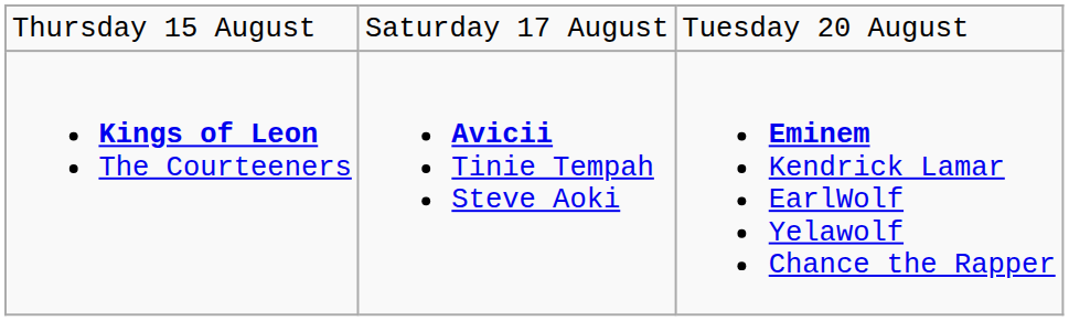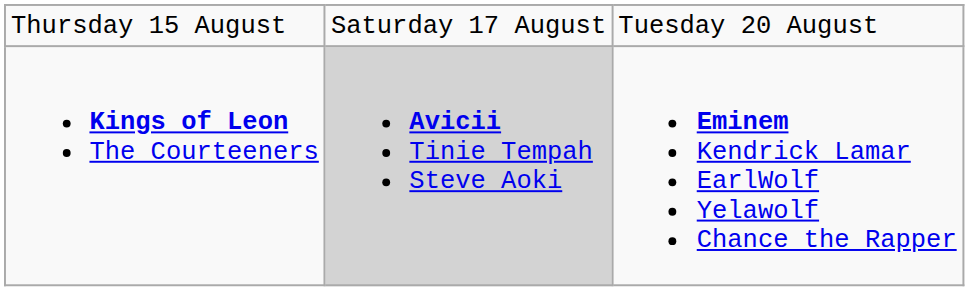 <table class="wikitable">
 <tr>
 <td>Thursday 15 August</td>
 <td>Saturday 17 August</td>
 <td>Tuesday 20 August</td>
 </tr>
 <tr valign="top">
 <td><br><ul><li><strong><a href='#'>Kings of Leon</a></strong></li><li><a href='#'>The Courteeners</a></li></ul></td>
-<td><br><ul><li><strong><a href='#'>Avicii</a></strong></li><li><a href='#'>Tinie Tempah</a></li><li><a href='#'>Steve Aoki</a></li></ul></td>
+<td style="background: lightgrey;"><br><ul><li><strong><a href='#'>Avicii</a></strong></li><li><a href='#'>Tinie Tempah</a></li><li><a href='#'>Steve Aoki</a></li></ul></td>
 <td><br><ul><li><strong><a href='#'>Eminem</a></strong></li><li><a href='#'>Kendrick Lamar</a></li><li><a href='#'>EarlWolf</a></li><li><a href='#'>Yelawolf</a></li><li><a href='#'>Chance the Rapper</a></li></ul></td>
 </tr>
 </table>
